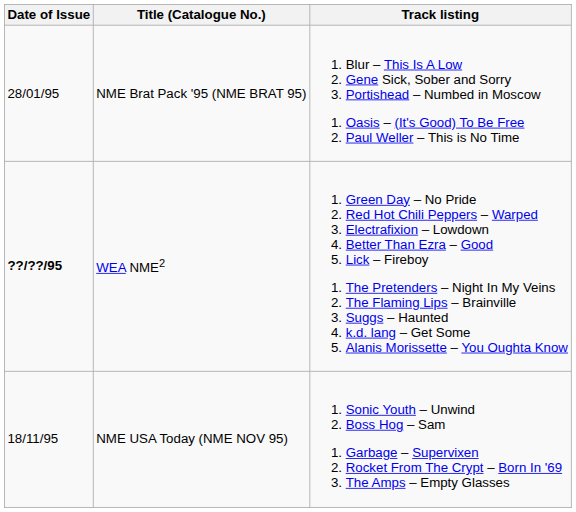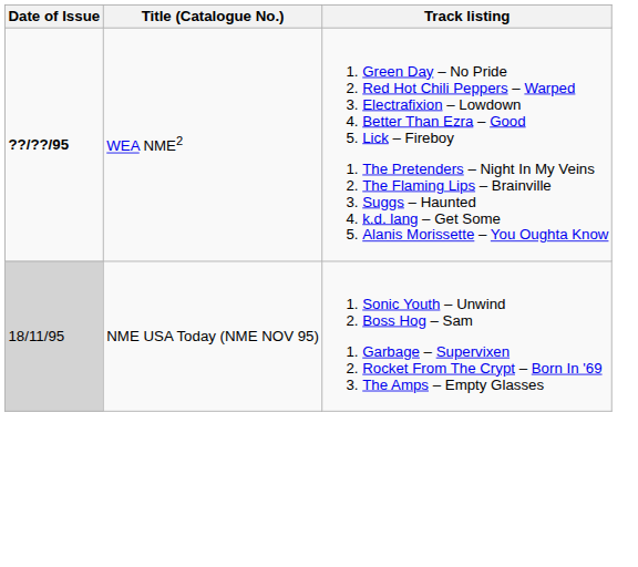 <table class="wikitable">
 <tr>
 <th>Date of Issue</th>
 <th>Title (Catalogue No.)</th>
 <th>Track listing</th>
 </tr>
 <tr>
-<td>28/01/95</td>
-<td>NME Brat Pack '95 (NME BRAT 95)</td>
-<td><br><ol><li>Blur – <a href='#'>This Is A Low</a></li><li><a href='#'>Gene</a> Sick, Sober and Sorry</li><li><a href='#'>Portishead</a> – Numbed in Moscow</li></ol><ol><li><a href='#'>Oasis</a> – <a href='#'>(It's Good) To Be Free</a></li><li><a href='#'>Paul Weller</a> – This is No Time</li></ol></td>
-</tr>
-<tr>
 <td><strong>??/??/95</strong></td>
 <td><a href='#'>WEA</a> NME<sup>2</sup></td>
 <td><br><ol><li><a href='#'>Green Day</a> – No Pride</li><li><a href='#'>Red Hot Chili Peppers</a> – <a href='#'>Warped</a></li><li><a href='#'>Electrafixion</a> – Lowdown</li><li><a href='#'>Better Than Ezra</a> – <a href='#'>Good</a></li><li><a href='#'>Lick</a> – Fireboy</li></ol><ol><li><a href='#'>The Pretenders</a> – Night In My Veins</li><li><a href='#'>The Flaming Lips</a> – Brainville</li><li><a href='#'>Suggs</a> – Haunted</li><li><a href='#'>k.d. lang</a> – Get Some</li><li><a href='#'>Alanis Morissette</a> – <a href='#'>You Oughta Know</a></li></ol></td>
 </tr>
 <tr>
-<td>18/11/95</td>
+<td style="background: lightgrey;">18/11/95</td>
 <td>NME USA Today (NME NOV 95)</td>
 <td><br><ol><li><a href='#'>Sonic Youth</a> – Unwind</li><li><a href='#'>Boss Hog</a> – Sam</li></ol><ol><li><a href='#'>Garbage</a> – <a href='#'>Supervixen</a></li><li><a href='#'>Rocket From The Crypt</a> – <a href='#'>Born In '69</a></li><li><a href='#'>The Amps</a> – Empty Glasses</li></ol></td>
 </tr>
 </table>
